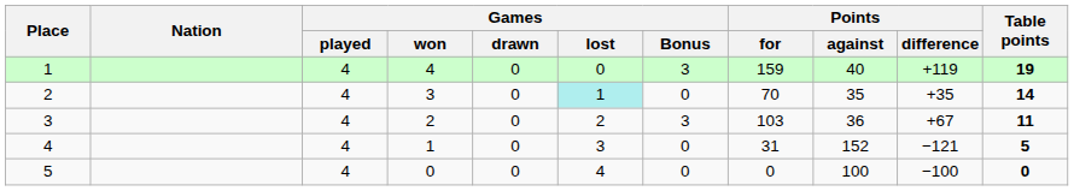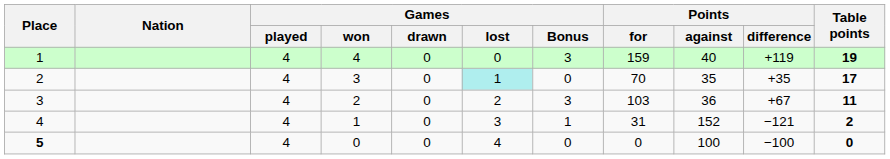 <table class="wikitable">
 <tr>
 <th rowspan=2 width="8%">Place</th>
 <th rowspan=2 width="20%">Nation</th>
 <th colspan=5 width="40%">Games</th>
 <th colspan=3 width="24%">Points</th>
 <th rowspan=2 width="10%">Table<br>points</th>
 </tr>
 <tr>
 <th width="8%">played</th>
 <th width="8%">won</th>
 <th width="8%">drawn</th>
 <th width="8%">lost</th>
 <th width="8%">Bonus</th>
 <th width="8%">for</th>
 <th width="8%">against</th>
 <th width="8%">difference</th>
 </tr>
 <tr align=center bgcolor="#ccffcc">
 <td>1</td>
 <td align=left></td>
 <td>4</td>
 <td>4</td>
 <td>0</td>
 <td>0</td>
 <td>3</td>
 <td>159</td>
 <td>40</td>
 <td>+119</td>
 <td><strong>19</strong></td>
 </tr>
 <tr align=center>
 <td>2</td>
 <td align=left></td>
 <td>4</td>
 <td>3</td>
 <td>0</td>
 <td style="background: paleturquoise;">1</td>
 <td>0</td>
 <td>70</td>
 <td>35</td>
 <td>+35</td>
-<td><strong>14</strong></td>
+<td><strong>17</strong></td>
 </tr>
 <tr align=center>
 <td>3</td>
 <td align=left></td>
 <td>4</td>
 <td>2</td>
 <td>0</td>
 <td>2</td>
 <td>3</td>
 <td>103</td>
 <td>36</td>
 <td>+67</td>
 <td><strong>11</strong></td>
 </tr>
 <tr align=center>
 <td>4</td>
 <td align=left></td>
 <td>4</td>
 <td>1</td>
 <td>0</td>
 <td>3</td>
-<td>0</td>
+<td>1</td>
 <td>31</td>
 <td>152</td>
 <td>−121</td>
-<td><strong>5</strong></td>
+<td><strong>2</strong></td>
 </tr>
 <tr align=center>
-<td>5</td>
+<td><strong>5</strong></td>
 <td align=left></td>
 <td>4</td>
 <td>0</td>
 <td>0</td>
 <td>4</td>
 <td>0</td>
 <td>0</td>
 <td>100</td>
 <td>−100</td>
 <td><strong>0</strong></td>
 </tr>
 </table>
